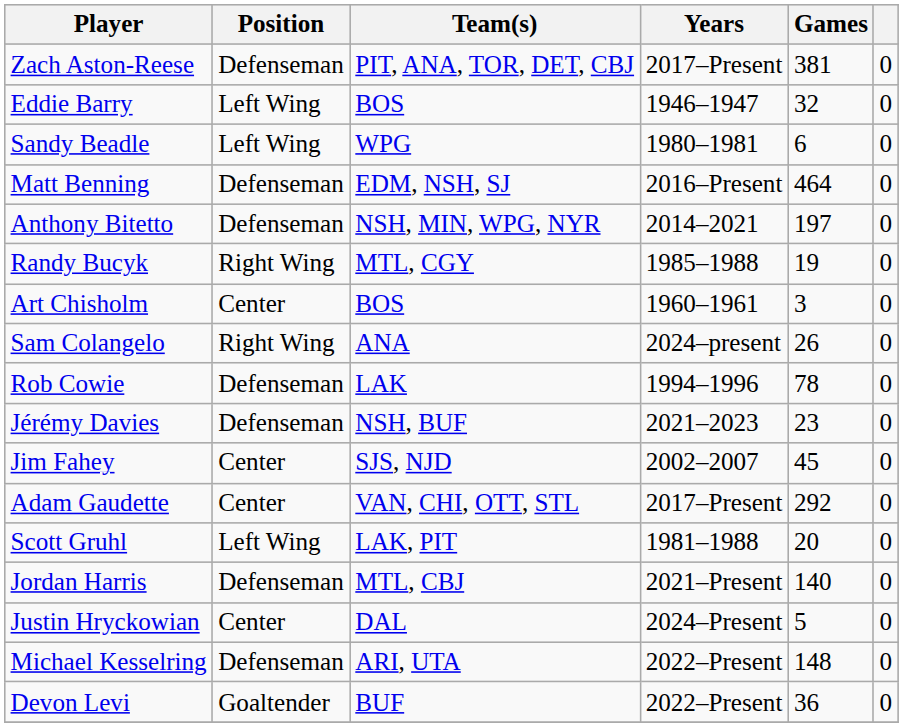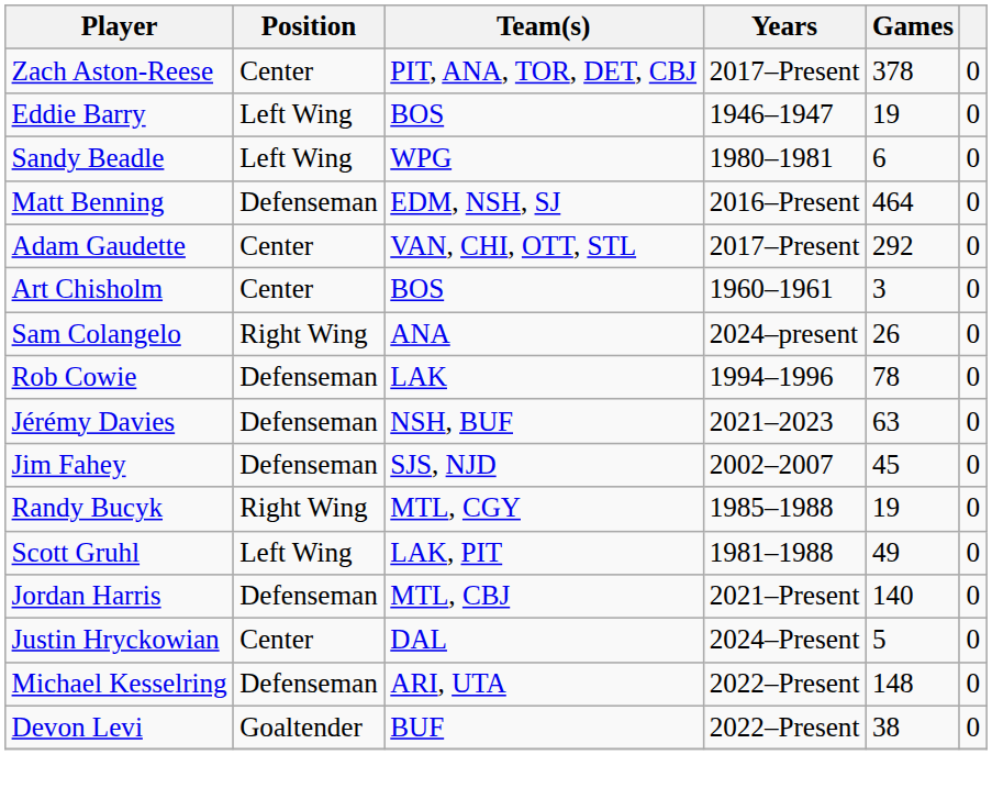 <table class="wikitable sortable">
 <tr>
 <th>Player</th>
 <th>Position</th>
 <th>Team(s)</th>
 <th>Years</th>
 <th>Games</th>
 <th><a href='#'></a></th>
 </tr>
 <tr>
 <td><a href='#'>Zach Aston-Reese</a></td>
-<td>Defenseman</td>
+<td>Center</td>
 <td><a href='#'>PIT</a>, <a href='#'>ANA</a>, <a href='#'>TOR</a>, <a href='#'>DET</a>, <a href='#'>CBJ</a></td>
 <td>2017–Present</td>
-<td>381</td>
+<td>378</td>
 <td>0</td>
 </tr>
 <tr>
 <td><a href='#'>Eddie Barry</a></td>
 <td>Left Wing</td>
 <td><a href='#'>BOS</a></td>
 <td>1946–1947</td>
-<td>32</td>
+<td>19</td>
 <td>0</td>
 </tr>
 <tr>
 <td><a href='#'>Sandy Beadle</a></td>
 <td>Left Wing</td>
 <td><a href='#'>WPG</a></td>
 <td>1980–1981</td>
 <td>6</td>
 <td>0</td>
 </tr>
 <tr>
 <td><a href='#'>Matt Benning</a></td>
 <td>Defenseman</td>
 <td><a href='#'>EDM</a>, <a href='#'>NSH</a>, <a href='#'>SJ</a></td>
 <td>2016–Present</td>
 <td>464</td>
 <td>0</td>
 </tr>
 <tr>
-<td><a href='#'>Anthony Bitetto</a></td>
-<td>Defenseman</td>
-<td><a href='#'>NSH</a>, <a href='#'>MIN</a>, <a href='#'>WPG</a>, <a href='#'>NYR</a></td>
-<td>2014–2021</td>
-<td>197</td>
-<td>0</td>
-</tr>
-<tr>
-<td><a href='#'>Randy Bucyk</a></td>
-<td>Right Wing</td>
-<td><a href='#'>MTL</a>, <a href='#'>CGY</a></td>
-<td>1985–1988</td>
-<td>19</td>
+<td><a href='#'>Adam Gaudette</a></td>
+<td>Center</td>
+<td><a href='#'>VAN</a>, <a href='#'>CHI</a>, <a href='#'>OTT</a>, <a href='#'>STL</a></td>
+<td>2017–Present</td>
+<td>292</td>
 <td>0</td>
 </tr>
 <tr>
 <td><a href='#'>Art Chisholm</a></td>
 <td>Center</td>
 <td><a href='#'>BOS</a></td>
 <td>1960–1961</td>
 <td>3</td>
 <td>0</td>
 </tr>
 <tr>
 <td><a href='#'>Sam Colangelo</a></td>
 <td>Right Wing</td>
 <td><a href='#'>ANA</a></td>
 <td>2024–present</td>
 <td>26</td>
 <td>0</td>
 </tr>
 <tr>
 <td><a href='#'>Rob Cowie</a></td>
 <td>Defenseman</td>
 <td><a href='#'>LAK</a></td>
 <td>1994–1996</td>
 <td>78</td>
 <td>0</td>
 </tr>
 <tr>
 <td><a href='#'>Jérémy Davies</a></td>
 <td>Defenseman</td>
 <td><a href='#'>NSH</a>, <a href='#'>BUF</a></td>
 <td>2021–2023</td>
-<td>23</td>
+<td>63</td>
 <td>0</td>
 </tr>
 <tr>
 <td><a href='#'>Jim Fahey</a></td>
-<td>Center</td>
+<td>Defenseman</td>
 <td><a href='#'>SJS</a>, <a href='#'>NJD</a></td>
 <td>2002–2007</td>
 <td>45</td>
 <td>0</td>
 </tr>
 <tr>
-<td><a href='#'>Adam Gaudette</a></td>
-<td>Center</td>
-<td><a href='#'>VAN</a>, <a href='#'>CHI</a>, <a href='#'>OTT</a>, <a href='#'>STL</a></td>
-<td>2017–Present</td>
-<td>292</td>
+<td><a href='#'>Randy Bucyk</a></td>
+<td>Right Wing</td>
+<td><a href='#'>MTL</a>, <a href='#'>CGY</a></td>
+<td>1985–1988</td>
+<td>19</td>
 <td>0</td>
 </tr>
 <tr>
 <td><a href='#'>Scott Gruhl</a></td>
 <td>Left Wing</td>
 <td><a href='#'>LAK</a>, <a href='#'>PIT</a></td>
 <td>1981–1988</td>
-<td>20</td>
+<td>49</td>
 <td>0</td>
 </tr>
 <tr>
 <td><a href='#'>Jordan Harris</a></td>
 <td>Defenseman</td>
 <td><a href='#'>MTL</a>, <a href='#'>CBJ</a></td>
 <td>2021–Present</td>
 <td>140</td>
 <td>0</td>
 </tr>
 <tr>
 <td><a href='#'>Justin Hryckowian</a></td>
 <td>Center</td>
 <td><a href='#'>DAL</a></td>
 <td>2024–Present</td>
 <td>5</td>
 <td>0</td>
 </tr>
 <tr>
 <td><a href='#'>Michael Kesselring</a></td>
 <td>Defenseman</td>
 <td><a href='#'>ARI</a>, <a href='#'>UTA</a></td>
 <td>2022–Present</td>
 <td>148</td>
 <td>0</td>
 </tr>
 <tr>
 <td><a href='#'>Devon Levi</a></td>
 <td>Goaltender</td>
 <td><a href='#'>BUF</a></td>
 <td>2022–Present</td>
-<td>36</td>
+<td>38</td>
 <td>0</td>
 </tr>
 <tr>
 </tr>
 </table>
